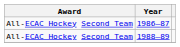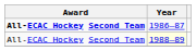 <table class="wikitable">
 <tr>
 <th>Award</th>
 <th>Year</th>
 <th></th>
 </tr>
 <tr>
-<td>All-<a href='#'>ECAC Hockey</a> <a href='#'>Second Team</a></td>
+<td><strong>All-<a href='#'>ECAC Hockey</a> <a href='#'>Second Team</a></strong></td>
 <td><a href='#'>1986–87</a></td>
 <td></td>
 </tr>
 <tr>
 <td>All-<a href='#'>ECAC Hockey</a> <a href='#'>Second Team</a></td>
-<td><a href='#'>1988–89</a></td>
+<td style="background: lightyellow;"><a href='#'>1988–89</a></td>
 <td></td>
 </tr>
 <tr>
 </tr>
 </table>
